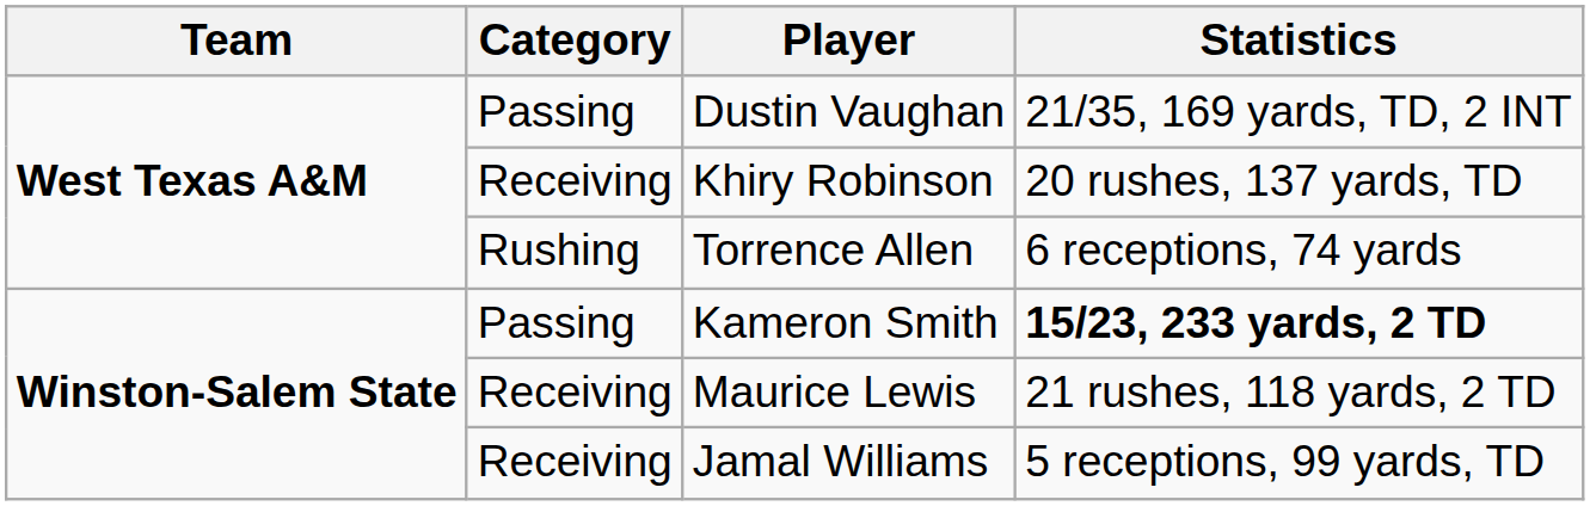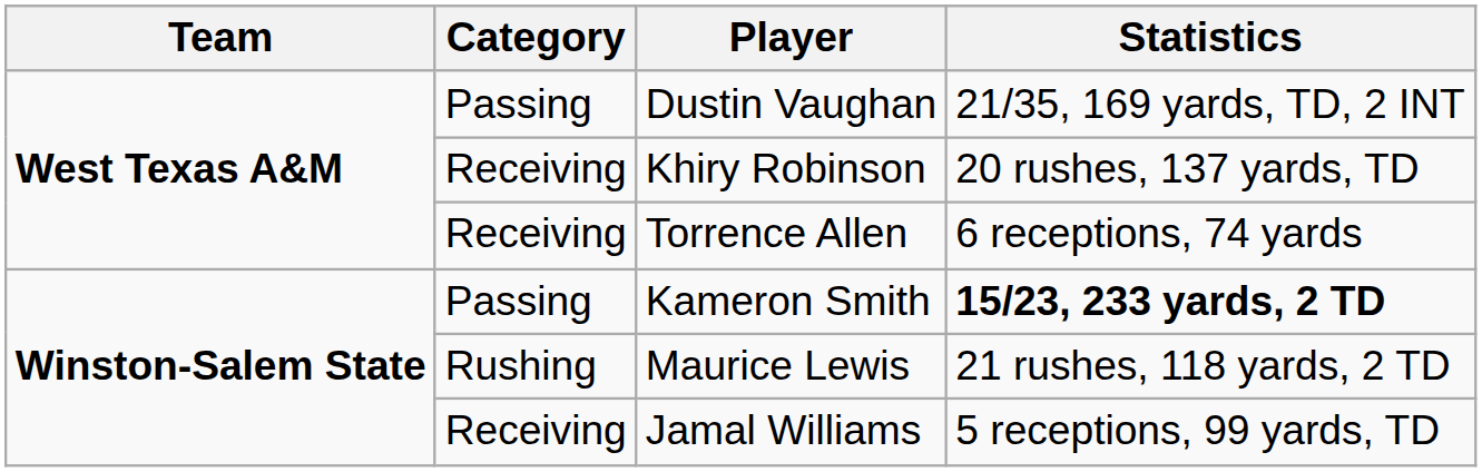 <table class="wikitable" style="float: left;">
 <tr>
 <th>Team</th>
 <th>Category</th>
 <th>Player</th>
 <th>Statistics</th>
 </tr>
 <tr>
 <td rowspan=3><strong>West Texas A&M</strong></td>
 <td>Passing</td>
 <td>Dustin Vaughan</td>
 <td>21/35, 169 yards, TD, 2 INT</td>
 </tr>
 <tr>
 <td>Receiving</td>
 <td>Khiry Robinson</td>
 <td>20 rushes, 137 yards, TD</td>
 </tr>
 <tr>
-<td>Rushing</td>
+<td>Receiving</td>
 <td>Torrence Allen</td>
 <td>6 receptions, 74 yards</td>
 </tr>
 <tr>
 <td rowspan=3><strong>Winston-Salem State</strong></td>
 <td>Passing</td>
 <td>Kameron Smith</td>
 <td><strong>15/23, 233 yards, 2 TD</strong></td>
 </tr>
 <tr>
-<td>Receiving</td>
+<td>Rushing</td>
 <td>Maurice Lewis</td>
 <td>21 rushes, 118 yards, 2 TD</td>
 </tr>
 <tr>
 <td>Receiving</td>
 <td>Jamal Williams</td>
 <td>5 receptions, 99 yards, TD</td>
 </tr>
 </table>
